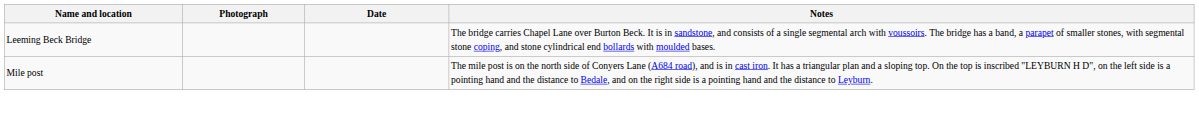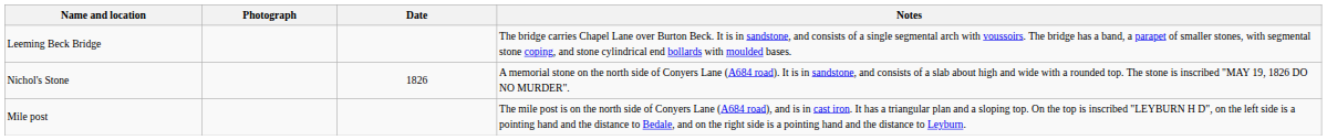 <table class="wikitable sortable plainrowheaders" style="width:100%;border:0px;text-align:left;line-height:150%;">
 <tr>
 <th scope="col"  style="width:150px">Name and location</th>
 <th scope="col"  style="width:100px" class="unsortable">Photograph</th>
 <th scope="col"  style="width:120px">Date</th>
 <th scope="col"  style="width:650px" class="unsortable">Notes</th>
 </tr>
 <tr>
 <td>Leeming Beck Bridge<br><small></small></td>
 <td></td>
 <td align="center"></td>
 <td>The bridge carries Chapel Lane over Burton Beck.  It is in <a href='#'>sandstone</a>, and consists of a single segmental arch with <a href='#'>voussoirs</a>.  The bridge has a band, a <a href='#'>parapet</a> of smaller stones, with segmental stone <a href='#'>coping</a>, and stone cylindrical end <a href='#'>bollards</a> with <a href='#'>moulded</a> bases.</td>
 </tr>
 <tr>
+<td>Nichol's Stone<br><small></small></td>
+<td></td>
+<td align="center">1826</td>
+<td>A memorial stone on the north side of Conyers Lane (<a href='#'>A684 road</a>).  It is in <a href='#'>sandstone</a>, and consists of a slab about  high and  wide with a rounded top.  The stone is inscribed "MAY 19, 1826 DO NO MURDER".</td>
+</tr>
+<tr>
 <td>Mile post<br><small></small></td>
 <td></td>
 <td align="center"></td>
 <td>The mile post is on the north side of Conyers Lane (<a href='#'>A684 road</a>), and is in <a href='#'>cast iron</a>.  It has a triangular plan and a sloping top.  On the top is inscribed "LEYBURN H D", on the left side is a pointing hand and the distance to <a href='#'>Bedale</a>, and on the right side is a pointing hand and the distance to <a href='#'>Leyburn</a>.</td>
 </tr>
 <tr>
 </tr>
 </table>
